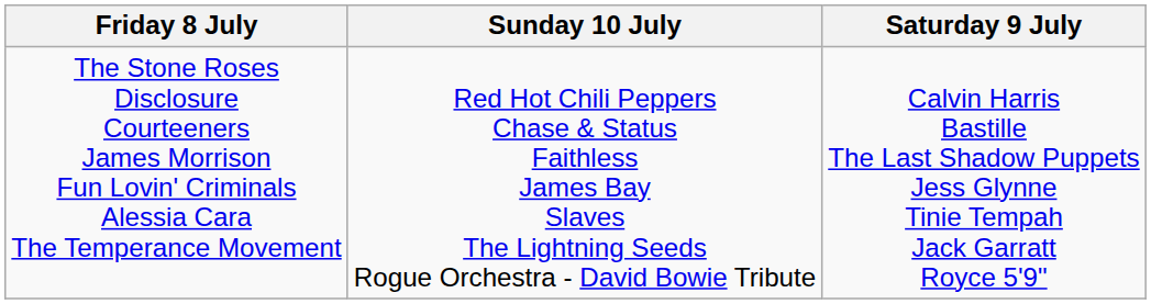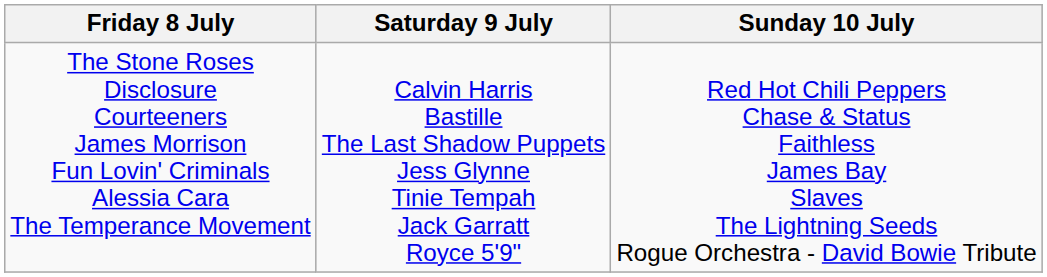 <table class="wikitable" style="text-align:center">
 <tr>
 <th>Friday 8 July</th>
+<th>Saturday 9 July</th>
 <th>Sunday 10 July</th>
-<th>Saturday 9 July</th>
 </tr>
 <tr valign="top">
 <td><a href='#'>The Stone Roses</a><br><a href='#'>Disclosure</a><br><a href='#'>Courteeners</a><br><a href='#'>James Morrison</a><br><a href='#'>Fun Lovin' Criminals</a><br><a href='#'>Alessia Cara</a><br><a href='#'>The Temperance Movement</a></td>
+<td><br><a href='#'>Calvin Harris</a><br><a href='#'>Bastille</a><br><a href='#'>The Last Shadow Puppets</a><br><a href='#'>Jess Glynne</a><br><a href='#'>Tinie Tempah</a><br><a href='#'>Jack Garratt</a><br><a href='#'>Royce 5'9"</a></td>
 <td><br><a href='#'>Red Hot Chili Peppers</a> <br><a href='#'>Chase & Status</a><br><a href='#'>Faithless</a><br><a href='#'>James Bay</a><br><a href='#'>Slaves</a><br><a href='#'>The Lightning Seeds</a><br>Rogue Orchestra - <a href='#'>David Bowie</a> Tribute</td>
-<td><br><a href='#'>Calvin Harris</a><br><a href='#'>Bastille</a><br><a href='#'>The Last Shadow Puppets</a><br><a href='#'>Jess Glynne</a><br><a href='#'>Tinie Tempah</a><br><a href='#'>Jack Garratt</a><br><a href='#'>Royce 5'9"</a></td>
 </tr>
 </table>
